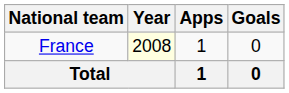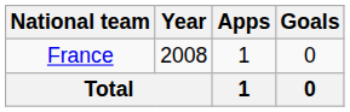 <table class="wikitable" style="text-align:center">
 <tr>
 <th>National team</th>
 <th>Year</th>
 <th>Apps</th>
 <th>Goals</th>
 </tr>
 <tr>
 <td><a href='#'>France</a></td>
-<td style="background: lightyellow;">2008</td>
+<td>2008</td>
 <td>1</td>
 <td>0</td>
 </tr>
 <tr>
 <th colspan="2">Total</th>
 <th>1</th>
 <th>0</th>
 </tr>
 </table>
